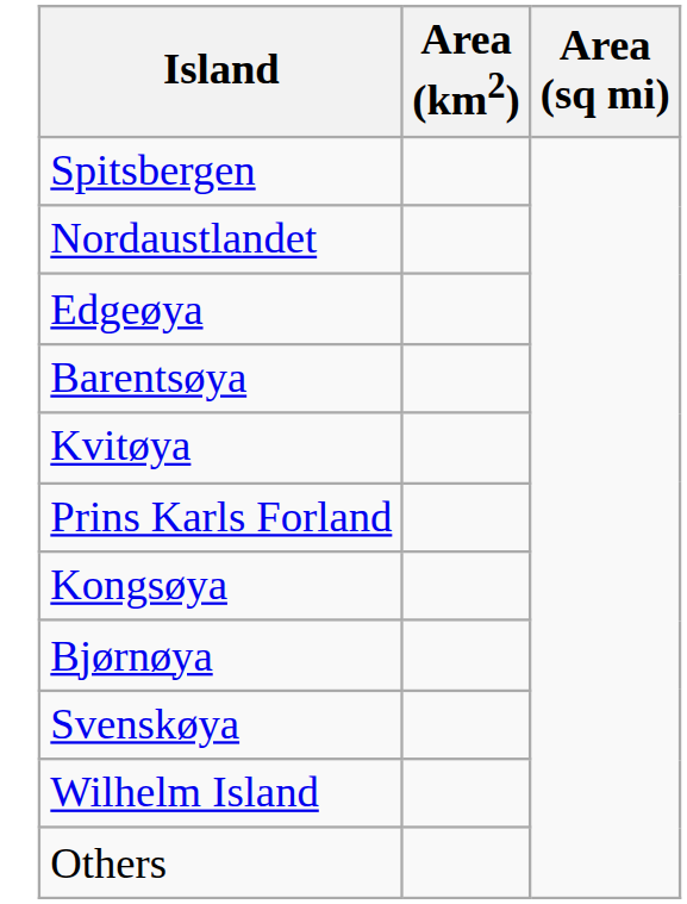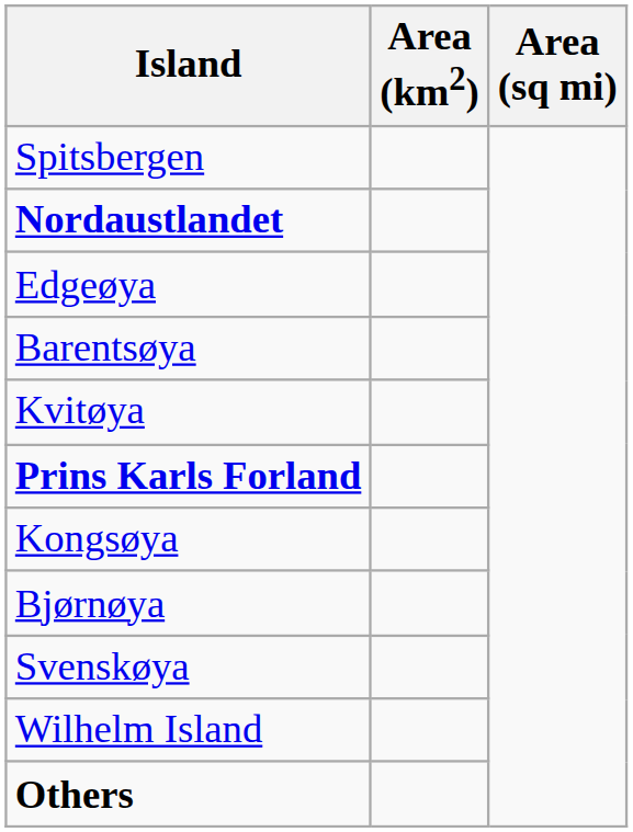 <table class="wikitable"  style="float:right; margin:0 15px;">
 <tr>
 <th>Island</th>
 <th>Area<br>(km<sup>2</sup>)</th>
 <th>Area<br>(sq mi)</th>
 </tr>
 <tr>
 <td><a href='#'>Spitsbergen</a></td>
 <td></td>
 </tr>
 <tr>
-<td><a href='#'>Nordaustlandet</a></td>
+<td><strong><a href='#'>Nordaustlandet</a></strong></td>
 <td></td>
 </tr>
 <tr>
 <td><a href='#'>Edgeøya</a></td>
 <td></td>
 </tr>
 <tr>
 <td><a href='#'>Barentsøya</a></td>
 <td></td>
 </tr>
 <tr>
 <td><a href='#'>Kvitøya</a></td>
 <td></td>
 </tr>
 <tr>
-<td><a href='#'>Prins Karls Forland</a></td>
+<td><strong><a href='#'>Prins Karls Forland</a></strong></td>
 <td></td>
 </tr>
 <tr>
 <td><a href='#'>Kongsøya</a></td>
 <td></td>
 </tr>
 <tr>
 <td><a href='#'>Bjørnøya</a></td>
 <td></td>
 </tr>
 <tr>
 <td><a href='#'>Svenskøya</a></td>
 <td></td>
 </tr>
 <tr>
 <td><a href='#'>Wilhelm Island</a></td>
 <td></td>
 </tr>
 <tr>
-<td>Others</td>
+<td><strong>Others</strong></td>
 <td></td>
 </tr>
 </table>
